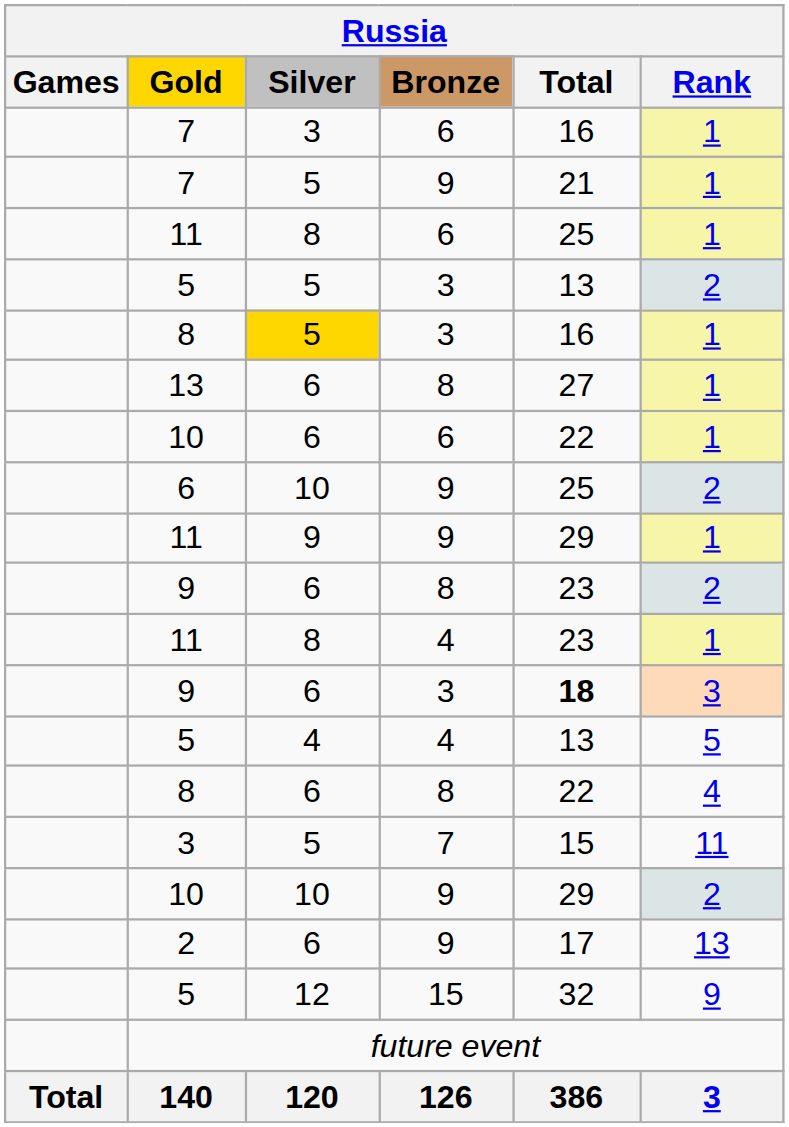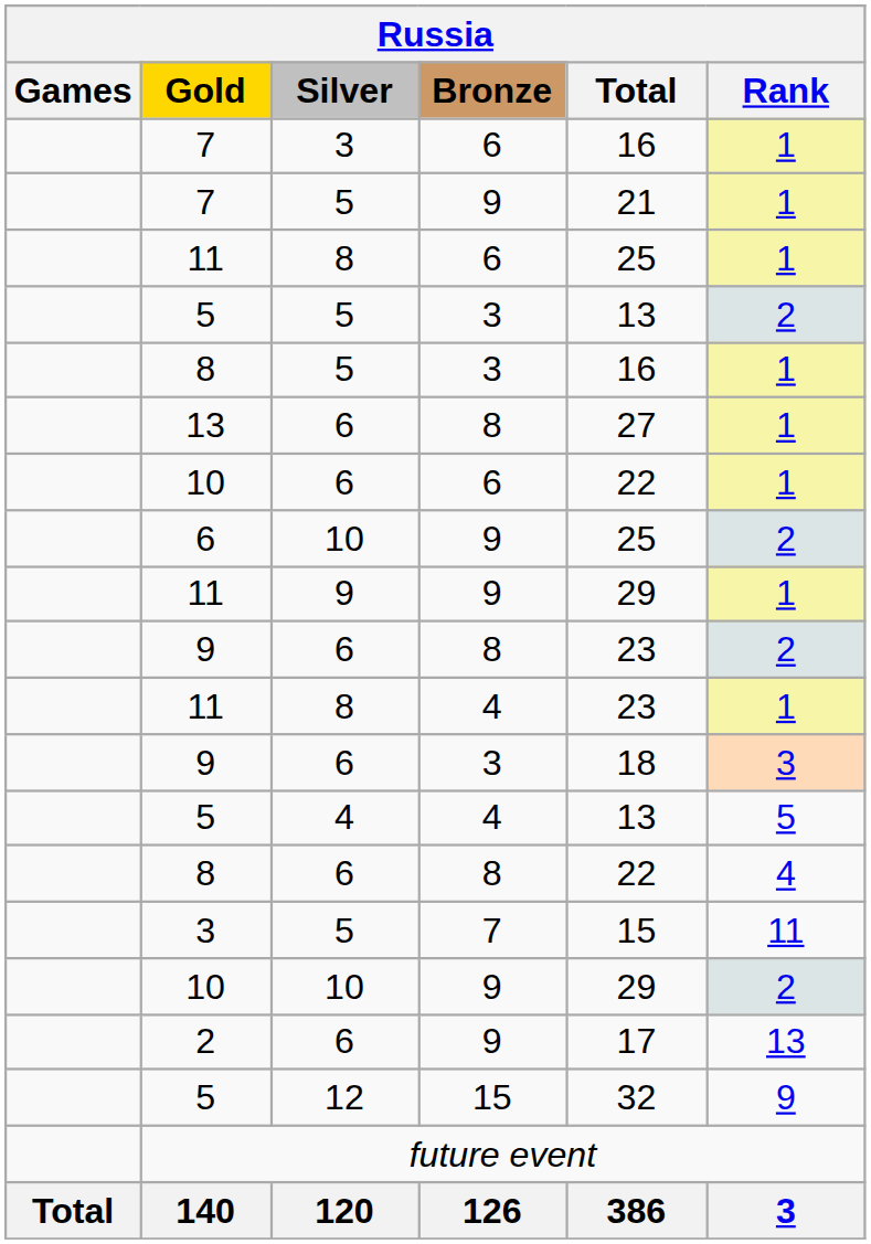 <table class="wikitable" style="text-align:center; font-size:90%;">
 <tr>
 <th colspan=8> <a href='#'>Russia</a></th>
 </tr>
 <tr>
 <th>Games</th>
 <td style="background:gold; width:3.2em; font-weight:bold;">Gold</td>
 <td style="background:silver; width:3.7em; font-weight:bold;">Silver</td>
 <td style="background:#c96; width:3.7em; font-weight:bold;">Bronze</td>
 <th style="width:3.5em; font-weight:bold;">Total</th>
 <th style="width:4em; font-weight:bold;"><a href='#'>Rank</a></th>
 </tr>
 <tr>
 <td align=left></td>
 <td>7</td>
 <td>3</td>
 <td>6</td>
 <td>16</td>
 <td bgcolor=F7F6A8><a href='#'>1</a></td>
 </tr>
 <tr>
 <td align=left></td>
 <td>7</td>
 <td>5</td>
 <td>9</td>
 <td>21</td>
 <td bgcolor=F7F6A8><a href='#'>1</a></td>
 </tr>
 <tr>
 <td align=left></td>
 <td>11</td>
 <td>8</td>
 <td>6</td>
 <td>25</td>
 <td bgcolor=F7F6A8><a href='#'>1</a></td>
 </tr>
 <tr>
 <td align=left></td>
 <td>5</td>
 <td>5</td>
 <td>3</td>
 <td>13</td>
 <td bgcolor=DCE5E5><a href='#'>2</a></td>
 </tr>
 <tr>
 <td align=left></td>
 <td>8</td>
-<td style="background: gold;">5</td>
+<td>5</td>
 <td>3</td>
 <td>16</td>
 <td bgcolor=F7F6A8><a href='#'>1</a></td>
 </tr>
 <tr>
 <td align=left></td>
 <td>13</td>
 <td>6</td>
 <td>8</td>
 <td>27</td>
 <td bgcolor=F7F6A8><a href='#'>1</a></td>
 </tr>
 <tr>
 <td align=left></td>
 <td>10</td>
 <td>6</td>
 <td>6</td>
 <td>22</td>
 <td bgcolor=F7F6A8><a href='#'>1</a></td>
 </tr>
 <tr>
 <td align=left></td>
 <td>6</td>
 <td>10</td>
 <td>9</td>
 <td>25</td>
 <td bgcolor=DCE5E5><a href='#'>2</a></td>
 </tr>
 <tr>
 <td align=left></td>
 <td>11</td>
 <td>9</td>
 <td>9</td>
 <td>29</td>
 <td bgcolor=F7F6A8><a href='#'>1</a></td>
 </tr>
 <tr>
 <td align=left></td>
 <td>9</td>
 <td>6</td>
 <td>8</td>
 <td>23</td>
 <td bgcolor=DCE5E5><a href='#'>2</a></td>
 </tr>
 <tr>
 <td align=left></td>
 <td>11</td>
 <td>8</td>
 <td>4</td>
 <td>23</td>
 <td bgcolor=F7F6A8><a href='#'>1</a></td>
 </tr>
 <tr>
 <td align=left></td>
 <td>9</td>
 <td>6</td>
 <td>3</td>
-<td><strong>18</strong></td>
+<td>18</td>
 <td bgcolor=ffdab9><a href='#'>3</a></td>
 </tr>
 <tr>
 <td align=left></td>
 <td>5</td>
 <td>4</td>
 <td>4</td>
 <td>13</td>
 <td><a href='#'>5</a></td>
 </tr>
 <tr>
 <td align=left></td>
 <td>8</td>
 <td>6</td>
 <td>8</td>
 <td>22</td>
 <td><a href='#'>4</a></td>
 </tr>
 <tr>
 <td align=left></td>
 <td>3</td>
 <td>5</td>
 <td>7</td>
 <td>15</td>
 <td><a href='#'>11</a></td>
 </tr>
 <tr>
 <td align=left></td>
 <td>10</td>
 <td>10</td>
 <td>9</td>
 <td>29</td>
 <td bgcolor=DCE5E5><a href='#'>2</a></td>
 </tr>
 <tr>
 <td align=left></td>
 <td>2</td>
 <td>6</td>
 <td>9</td>
 <td>17</td>
 <td><a href='#'>13</a></td>
 </tr>
 <tr>
 <td align=left></td>
 <td>5</td>
 <td>12</td>
 <td>15</td>
 <td>32</td>
 <td><a href='#'>9</a></td>
 </tr>
 <tr>
 <td align=left></td>
 <td colspan=8><em>future event</em></td>
 </tr>
 <tr>
 <th>Total</th>
 <th>140</th>
 <th>120</th>
 <th>126</th>
 <th>386</th>
 <th><a href='#'>3</a></th>
 </tr>
 </table>
